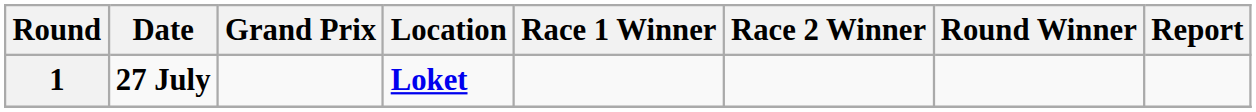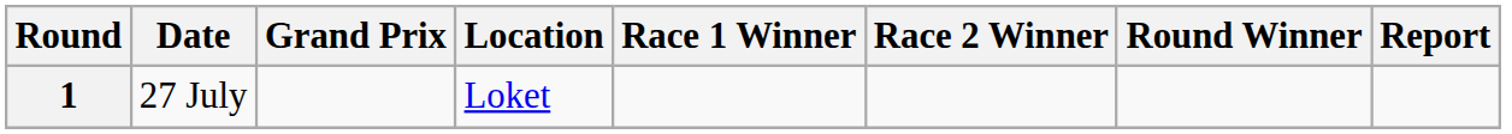 <table class="wikitable" style="font-size: 85%;">
 <tr>
 <th>Round</th>
 <th>Date</th>
 <th>Grand Prix</th>
 <th>Location</th>
 <th>Race 1 Winner</th>
 <th>Race 2 Winner</th>
 <th>Round Winner</th>
 <th>Report</th>
 </tr>
 <tr>
 <th>1</th>
-<td><strong>27 July</strong></td>
+<td>27 July</td>
 <td></td>
-<td><strong><a href='#'>Loket</a></strong></td>
+<td><a href='#'>Loket</a></td>
 <td></td>
 <td></td>
 <td></td>
 <td></td>
 </tr>
 <tr>
 </tr>
 </table>
